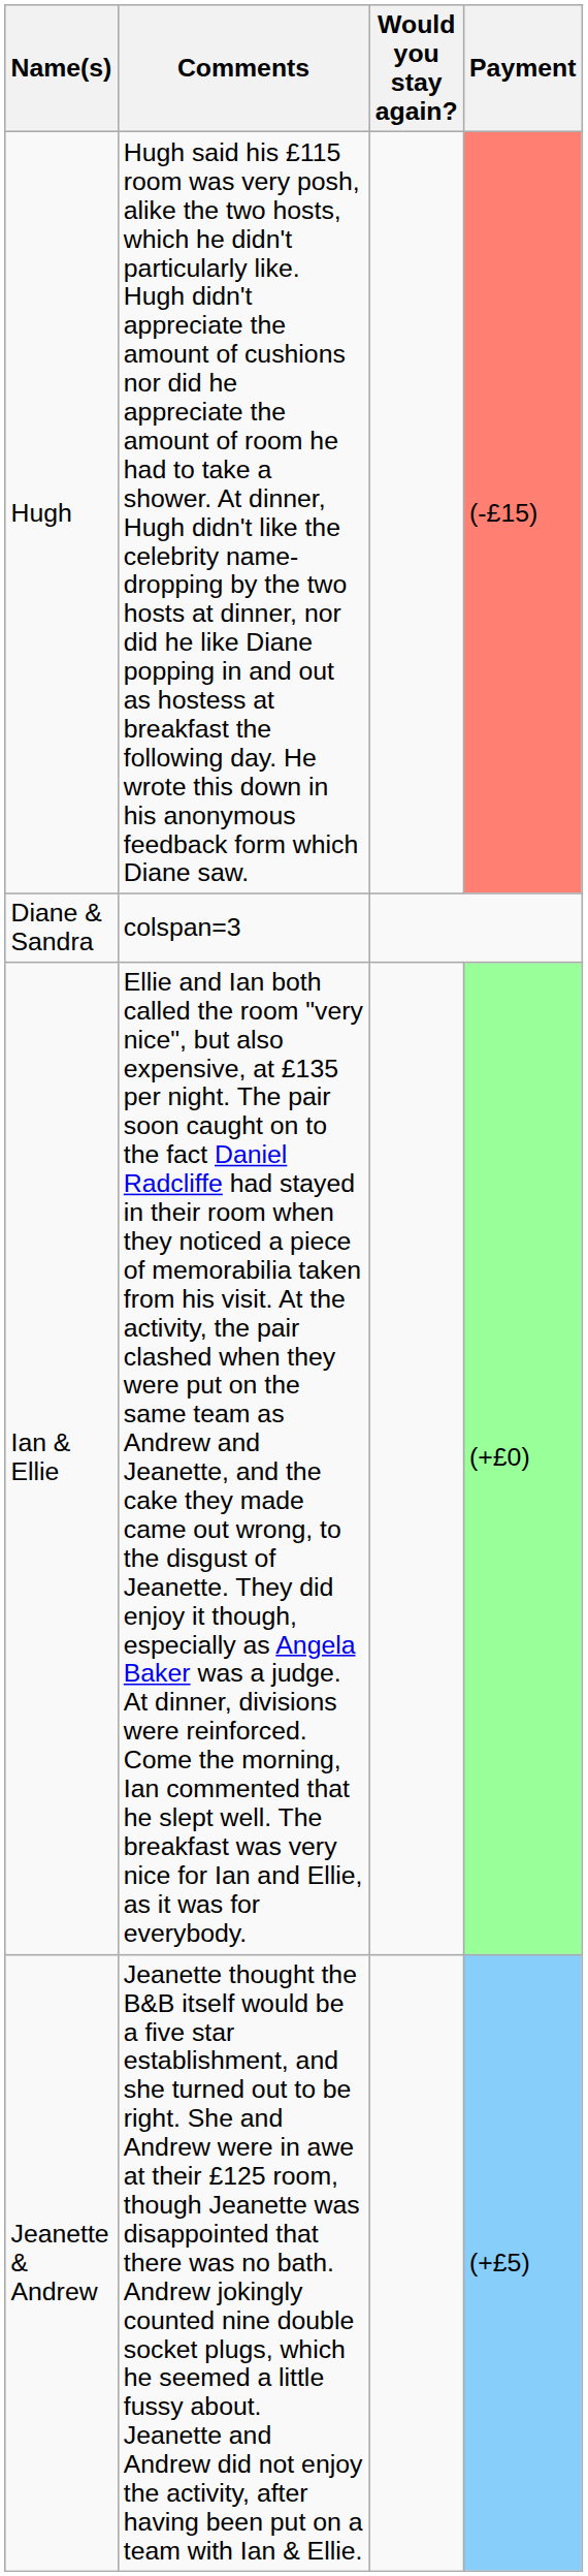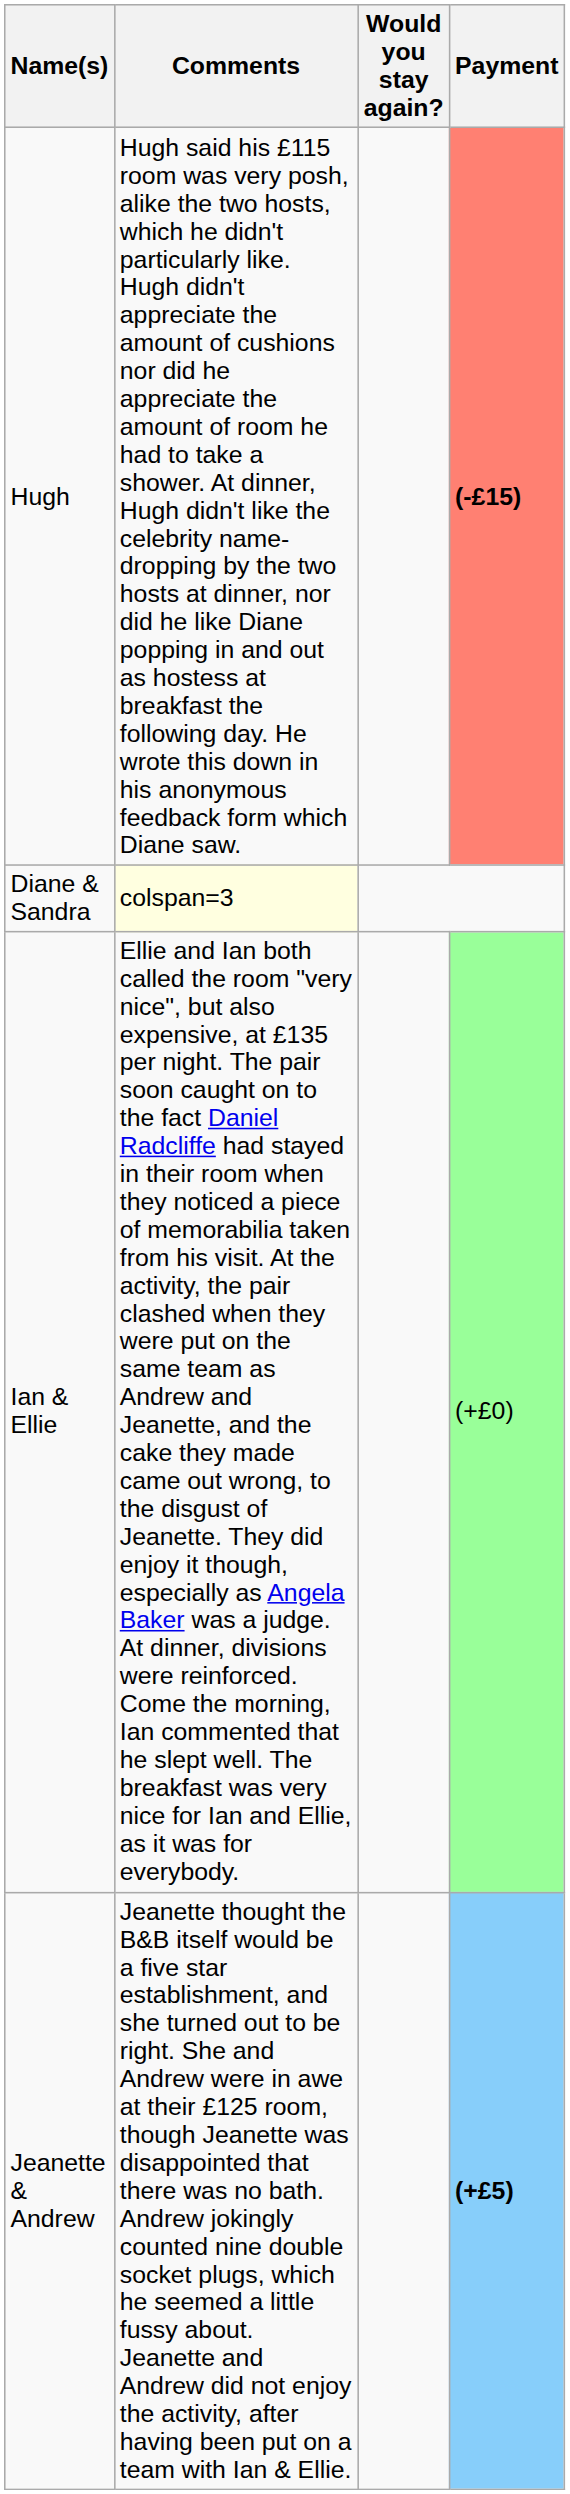 <table class="wikitable">
 <tr>
 <th style="width:60px;">Name(s)</th>
 <th style="width:150px;">Comments</th>
 <th style="width:40px;">Would you stay again?</th>
 <th style="width:40px;">Payment</th>
 </tr>
 <tr>
 <td>Hugh</td>
 <td>Hugh said his £115 room was very posh, alike the two hosts, which he didn't particularly like. Hugh didn't appreciate the amount of cushions nor did he appreciate the amount of room he had to take a shower. At dinner, Hugh didn't like the celebrity name-dropping by the two hosts at dinner, nor did he like Diane popping in and out as hostess at breakfast the following day. He wrote this down in his anonymous feedback form which Diane saw.</td>
 <td align="center"></td>
-<td style="background:#FF8072">(-£15)</td>
+<td style="background:#FF8072"><strong>(-£15)</strong></td>
 </tr>
 <tr>
 <td>Diane & Sandra</td>
-<td>colspan=3  </td>
+<td style="background: lightyellow;">colspan=3  </td>
 </tr>
 <tr>
 <td>Ian & Ellie</td>
 <td>Ellie and Ian both called the room "very nice", but also expensive, at £135 per night. The pair soon caught on to the fact <a href='#'>Daniel Radcliffe</a> had stayed in their room when they noticed a piece of memorabilia taken from his visit. At the activity, the pair clashed when they were put on the same team as Andrew and Jeanette, and the cake they made came out wrong, to the disgust of Jeanette. They did enjoy it though, especially as <a href='#'>Angela Baker</a> was a judge. At dinner, divisions were reinforced. Come the morning, Ian commented that he slept well. The breakfast was very nice for Ian and Ellie, as it was for everybody.</td>
 <td align="center"></td>
 <td style="background:#99FF99">(+£0)</td>
 </tr>
 <tr>
 <td>Jeanette & Andrew</td>
 <td>Jeanette thought the B&B itself would be a five star establishment, and she turned out to be right. She and Andrew were in awe at their £125 room, though Jeanette was disappointed that there was no bath. Andrew jokingly counted nine double socket plugs, which he seemed a little fussy about. Jeanette and Andrew did not enjoy the activity, after having been put on a team with Ian & Ellie.</td>
 <td align="center"></td>
-<td style="background:#87CEFA">(+£5)</td>
+<td style="background:#87CEFA"><strong>(+£5)</strong></td>
 </tr>
 </table>
